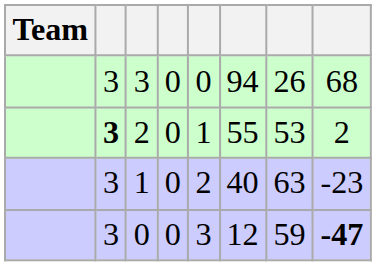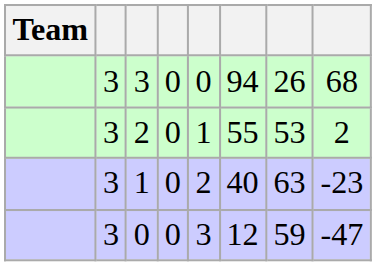 <table class="wikitable" style="text-align: center;">
 <tr>
 <th>Team</th>
 <th></th>
 <th></th>
 <th></th>
 <th></th>
 <th></th>
 <th></th>
 <th></th>
 </tr>
 <tr bgcolor="ccffcc">
 <td align="left"></td>
 <td>3</td>
 <td>3</td>
 <td>0</td>
 <td>0</td>
 <td>94</td>
 <td>26</td>
 <td>68</td>
 </tr>
 <tr bgcolor="ccffcc">
 <td align="left"></td>
-<td><strong>3</strong></td>
+<td>3</td>
 <td>2</td>
 <td>0</td>
 <td>1</td>
 <td>55</td>
 <td>53</td>
 <td>2</td>
 </tr>
 <tr bgcolor="ccccff">
 <td align="left"></td>
 <td>3</td>
 <td>1</td>
 <td>0</td>
 <td>2</td>
 <td>40</td>
 <td>63</td>
 <td>-23</td>
 </tr>
 <tr bgcolor="ccccff">
 <td align="left"></td>
 <td>3</td>
 <td>0</td>
 <td>0</td>
 <td>3</td>
 <td>12</td>
 <td>59</td>
-<td><strong>-47</strong></td>
+<td>-47</td>
 </tr>
 </table>
